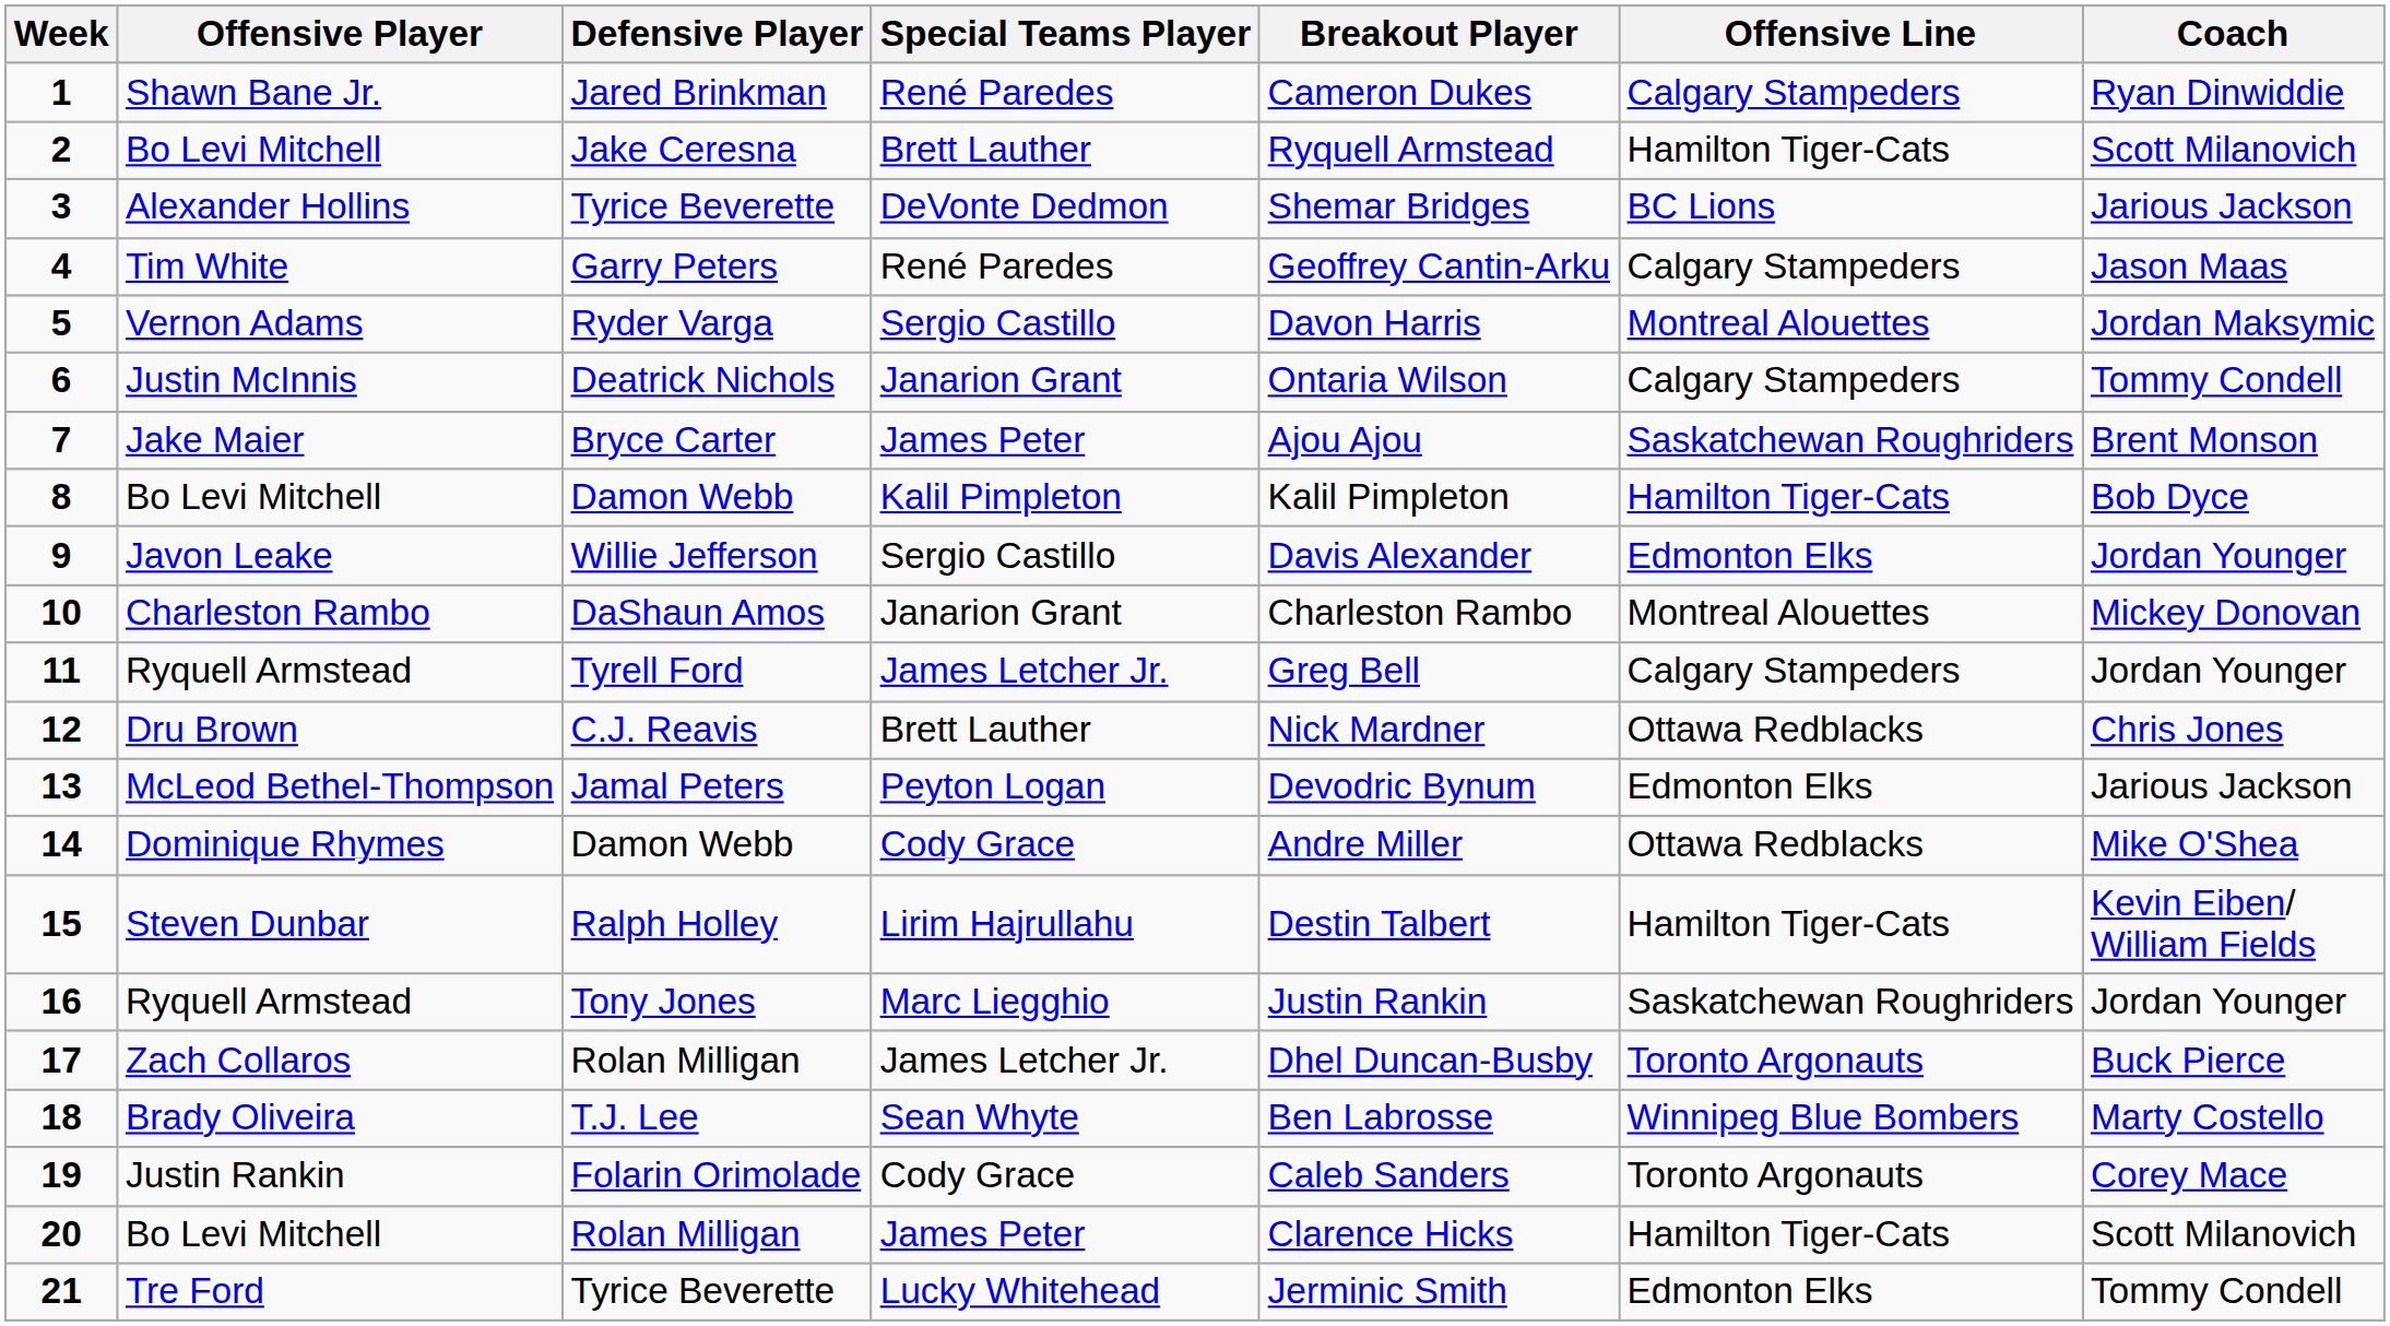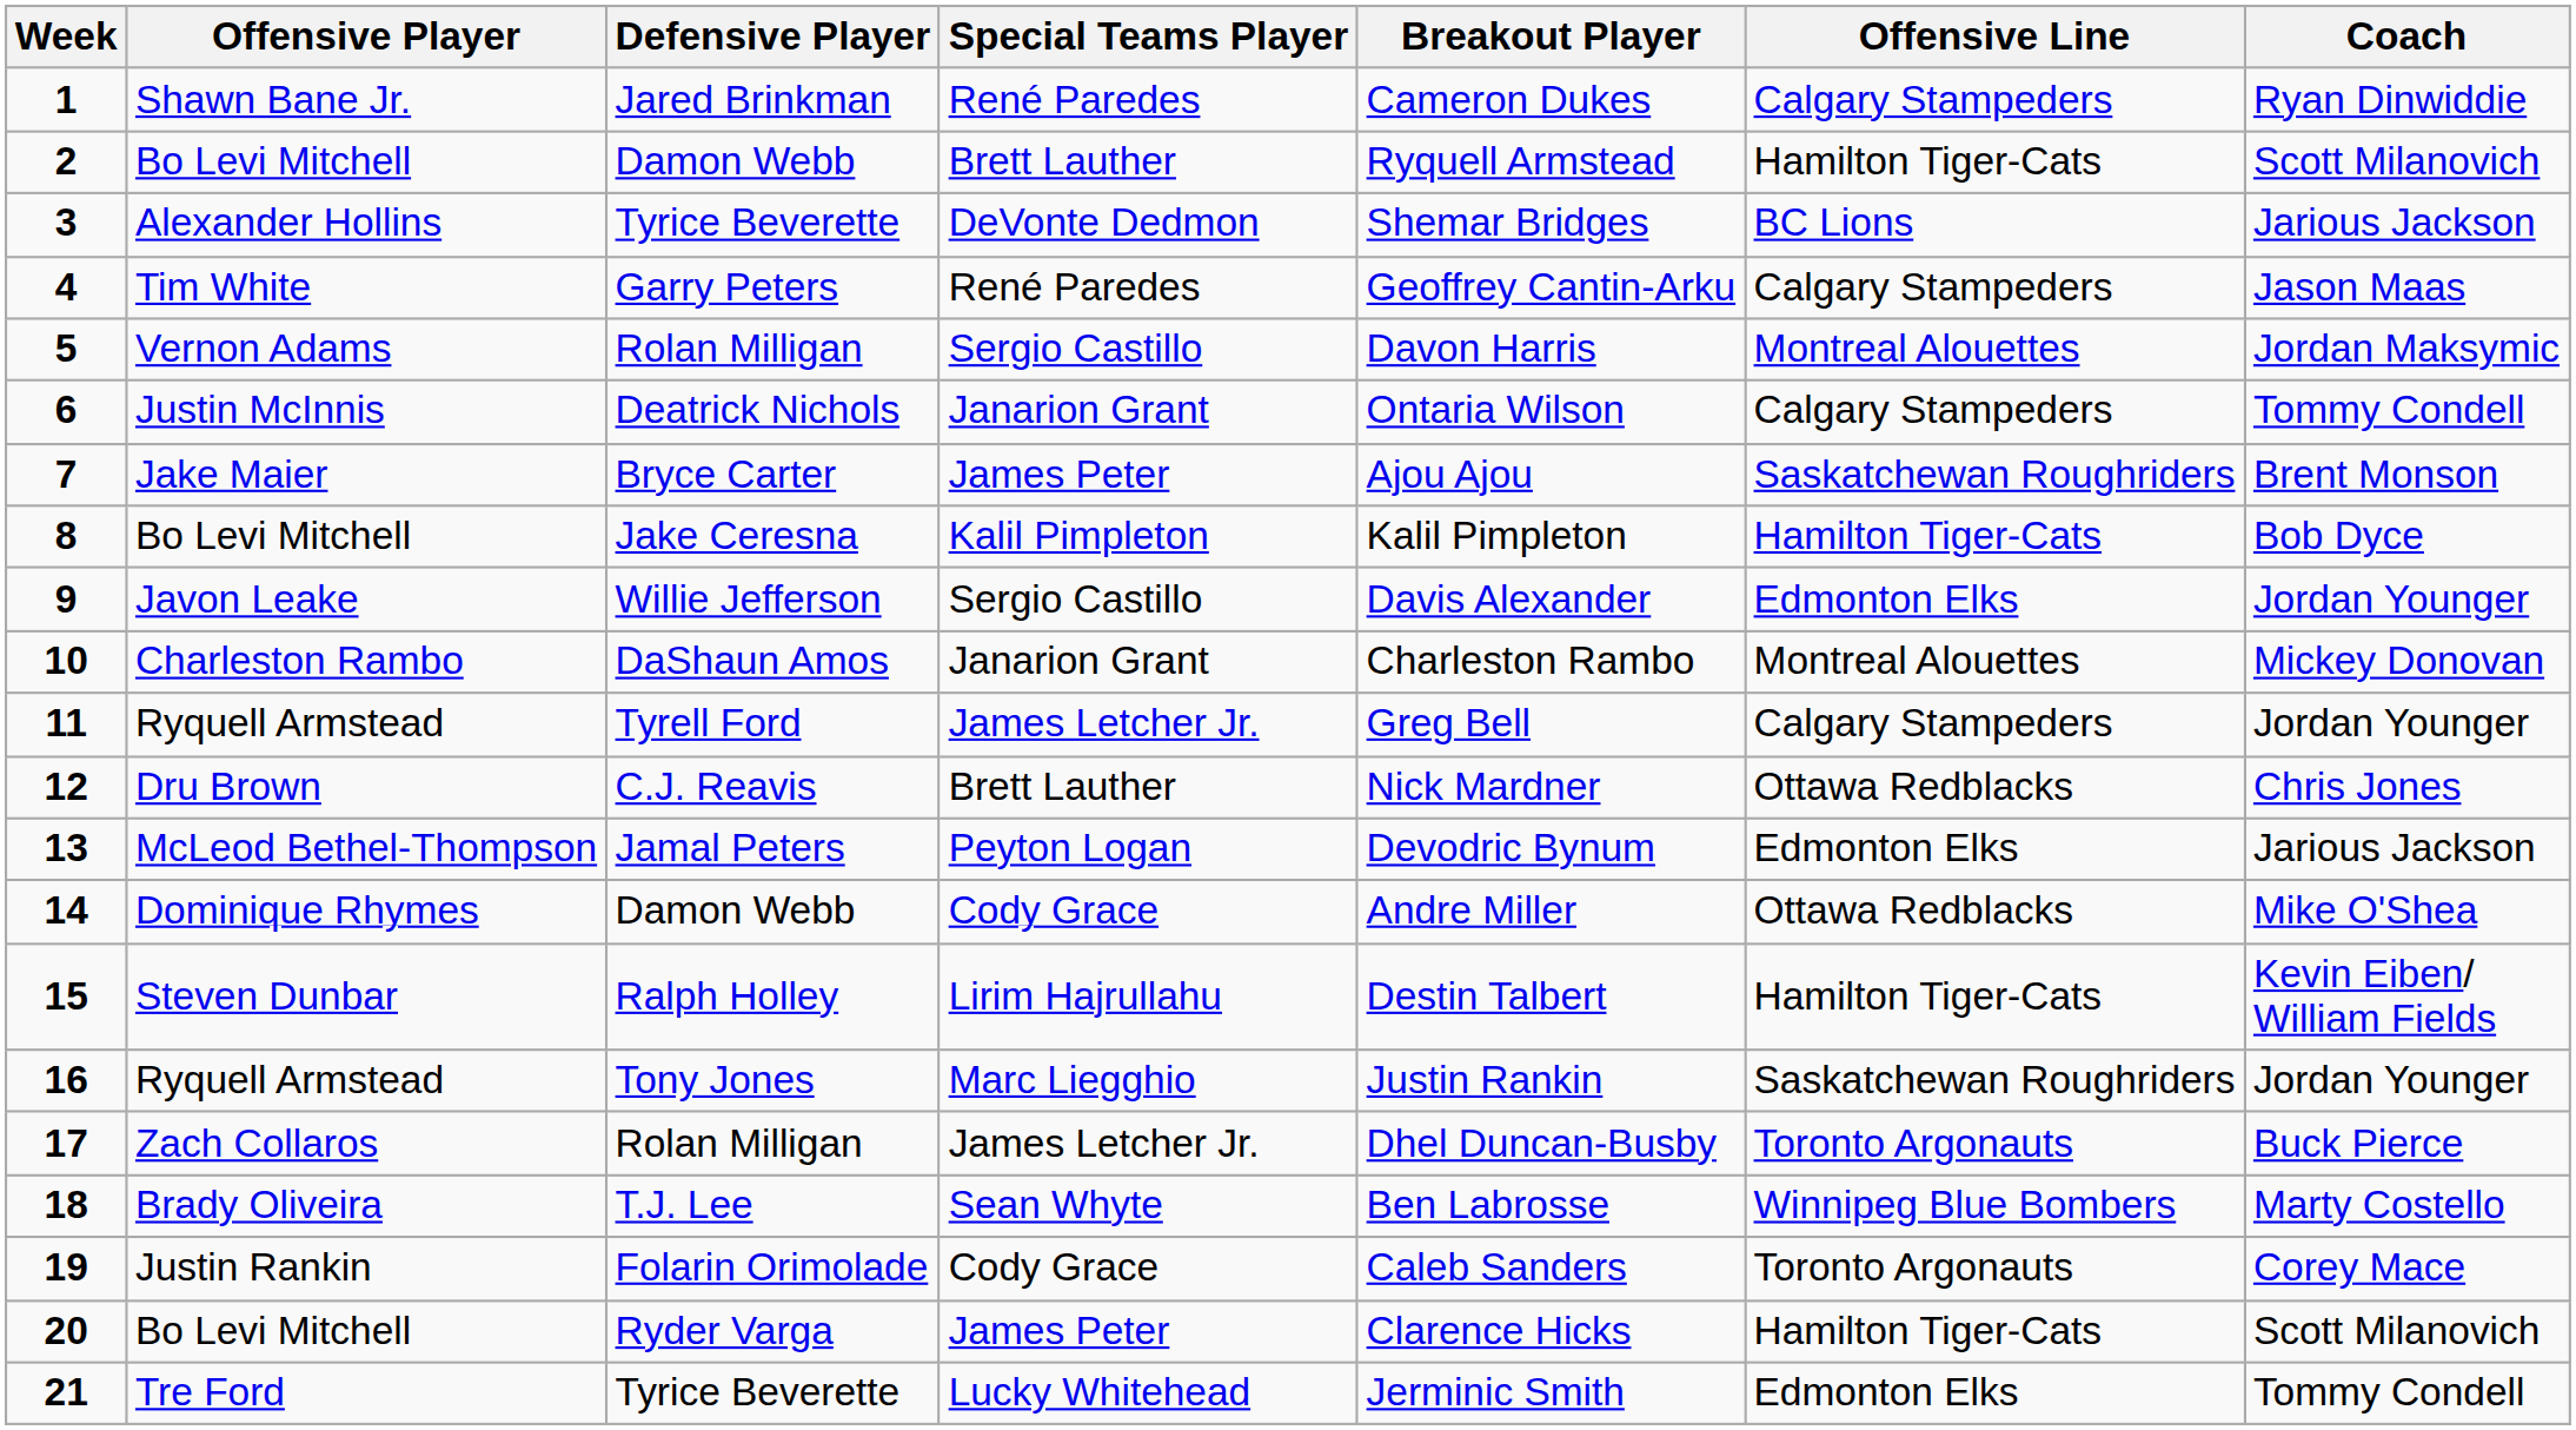 <table class="wikitable">
 <tr>
 <th>Week</th>
 <th>Offensive Player</th>
 <th>Defensive Player</th>
 <th>Special Teams Player</th>
 <th>Breakout Player</th>
 <th>Offensive Line</th>
 <th>Coach</th>
 </tr>
 <tr>
 <td style="text-align: center;"><strong>1</strong><br></td>
 <td><a href='#'>Shawn Bane Jr.</a></td>
 <td><a href='#'>Jared Brinkman</a></td>
 <td><a href='#'>René Paredes</a></td>
 <td><a href='#'>Cameron Dukes</a></td>
 <td><a href='#'>Calgary Stampeders</a></td>
 <td><a href='#'>Ryan Dinwiddie</a></td>
 </tr>
 <tr>
 <td style="text-align: center;"><strong>2</strong><br></td>
 <td><a href='#'>Bo Levi Mitchell</a></td>
-<td><a href='#'>Jake Ceresna</a></td>
+<td><a href='#'>Damon Webb</a></td>
 <td><a href='#'>Brett Lauther</a></td>
 <td><a href='#'>Ryquell Armstead</a></td>
 <td>Hamilton Tiger-Cats</td>
 <td><a href='#'>Scott Milanovich</a></td>
 </tr>
 <tr>
 <td style="text-align: center;"><strong>3</strong><br></td>
 <td><a href='#'>Alexander Hollins</a></td>
 <td><a href='#'>Tyrice Beverette</a></td>
 <td><a href='#'>DeVonte Dedmon</a></td>
 <td><a href='#'>Shemar Bridges</a></td>
 <td><a href='#'>BC Lions</a></td>
 <td><a href='#'>Jarious Jackson</a></td>
 </tr>
 <tr>
 <td style="text-align: center;"><strong>4</strong><br></td>
 <td><a href='#'>Tim White</a></td>
 <td><a href='#'>Garry Peters</a></td>
 <td>René Paredes</td>
 <td><a href='#'>Geoffrey Cantin-Arku</a></td>
 <td>Calgary Stampeders</td>
 <td><a href='#'>Jason Maas</a></td>
 </tr>
 <tr>
 <td style="text-align: center;"><strong>5</strong><br></td>
 <td><a href='#'>Vernon Adams</a></td>
-<td><a href='#'>Ryder Varga</a></td>
+<td><a href='#'>Rolan Milligan</a></td>
 <td><a href='#'>Sergio Castillo</a></td>
 <td><a href='#'>Davon Harris</a></td>
 <td><a href='#'>Montreal Alouettes</a></td>
 <td><a href='#'>Jordan Maksymic</a></td>
 </tr>
 <tr>
 <td style="text-align: center;"><strong>6</strong><br></td>
 <td><a href='#'>Justin McInnis</a></td>
 <td><a href='#'>Deatrick Nichols</a></td>
 <td><a href='#'>Janarion Grant</a></td>
 <td><a href='#'>Ontaria Wilson</a></td>
 <td>Calgary Stampeders</td>
 <td><a href='#'>Tommy Condell</a></td>
 </tr>
 <tr>
 <td style="text-align: center;"><strong>7</strong><br></td>
 <td><a href='#'>Jake Maier</a></td>
 <td><a href='#'>Bryce Carter</a></td>
 <td><a href='#'>James Peter</a></td>
 <td><a href='#'>Ajou Ajou</a></td>
 <td><a href='#'>Saskatchewan Roughriders</a></td>
 <td><a href='#'>Brent Monson</a></td>
 </tr>
 <tr>
 <td style="text-align: center;"><strong>8</strong><br></td>
 <td>Bo Levi Mitchell</td>
-<td><a href='#'>Damon Webb</a></td>
+<td><a href='#'>Jake Ceresna</a></td>
 <td><a href='#'>Kalil Pimpleton</a></td>
 <td>Kalil Pimpleton</td>
 <td><a href='#'>Hamilton Tiger-Cats</a></td>
 <td><a href='#'>Bob Dyce</a></td>
 </tr>
 <tr>
 <td style="text-align: center;"><strong>9</strong><br></td>
 <td><a href='#'>Javon Leake</a></td>
 <td><a href='#'>Willie Jefferson</a></td>
 <td>Sergio Castillo</td>
 <td><a href='#'>Davis Alexander</a></td>
 <td><a href='#'>Edmonton Elks</a></td>
 <td><a href='#'>Jordan Younger</a></td>
 </tr>
 <tr>
 <td style="text-align: center;"><strong>10</strong><br></td>
 <td><a href='#'>Charleston Rambo</a></td>
 <td><a href='#'>DaShaun Amos</a></td>
 <td>Janarion Grant</td>
 <td>Charleston Rambo</td>
 <td>Montreal Alouettes</td>
 <td><a href='#'>Mickey Donovan</a></td>
 </tr>
 <tr>
 <td style="text-align: center;"><strong>11</strong><br></td>
 <td>Ryquell Armstead</td>
 <td><a href='#'>Tyrell Ford</a></td>
 <td><a href='#'>James Letcher Jr.</a></td>
 <td><a href='#'>Greg Bell</a></td>
 <td>Calgary Stampeders</td>
 <td>Jordan Younger</td>
 </tr>
 <tr>
 <td style="text-align: center;"><strong>12</strong><br></td>
 <td><a href='#'>Dru Brown</a></td>
 <td><a href='#'>C.J. Reavis</a></td>
 <td>Brett Lauther</td>
 <td><a href='#'>Nick Mardner</a></td>
 <td>Ottawa Redblacks</td>
 <td><a href='#'>Chris Jones</a></td>
 </tr>
 <tr>
 <td style="text-align: center;"><strong>13</strong><br></td>
 <td><a href='#'>McLeod Bethel-Thompson</a></td>
 <td><a href='#'>Jamal Peters</a></td>
 <td><a href='#'>Peyton Logan</a></td>
 <td><a href='#'>Devodric Bynum</a></td>
 <td>Edmonton Elks</td>
 <td>Jarious Jackson</td>
 </tr>
 <tr>
 <td style="text-align: center;"><strong>14</strong><br></td>
 <td><a href='#'>Dominique Rhymes</a></td>
 <td>Damon Webb</td>
 <td><a href='#'>Cody Grace</a></td>
 <td><a href='#'>Andre Miller</a></td>
 <td>Ottawa Redblacks</td>
 <td><a href='#'>Mike O'Shea</a></td>
 </tr>
 <tr>
 <td style="text-align: center;"><strong>15</strong><br></td>
 <td><a href='#'>Steven Dunbar</a></td>
 <td><a href='#'>Ralph Holley</a></td>
 <td><a href='#'>Lirim Hajrullahu</a></td>
 <td><a href='#'>Destin Talbert</a></td>
 <td>Hamilton Tiger-Cats</td>
 <td><a href='#'>Kevin Eiben</a>/<br><a href='#'>William Fields</a></td>
 </tr>
 <tr>
 <td style="text-align: center;"><strong>16</strong><br></td>
 <td>Ryquell Armstead</td>
 <td><a href='#'>Tony Jones</a></td>
 <td><a href='#'>Marc Liegghio</a></td>
 <td><a href='#'>Justin Rankin</a></td>
 <td>Saskatchewan Roughriders</td>
 <td>Jordan Younger</td>
 </tr>
 <tr>
 <td style="text-align: center;"><strong>17</strong><br></td>
 <td><a href='#'>Zach Collaros</a></td>
 <td>Rolan Milligan</td>
 <td>James Letcher Jr.</td>
 <td><a href='#'>Dhel Duncan-Busby</a></td>
 <td><a href='#'>Toronto Argonauts</a></td>
 <td><a href='#'>Buck Pierce</a></td>
 </tr>
 <tr>
 <td style="text-align: center;"><strong>18</strong><br></td>
 <td><a href='#'>Brady Oliveira</a></td>
 <td><a href='#'>T.J. Lee</a></td>
 <td><a href='#'>Sean Whyte</a></td>
 <td><a href='#'>Ben Labrosse</a></td>
 <td><a href='#'>Winnipeg Blue Bombers</a></td>
 <td><a href='#'>Marty Costello</a></td>
 </tr>
 <tr>
 <td style="text-align: center;"><strong>19</strong><br></td>
 <td>Justin Rankin</td>
 <td><a href='#'>Folarin Orimolade</a></td>
 <td>Cody Grace</td>
 <td><a href='#'>Caleb Sanders</a></td>
 <td>Toronto Argonauts</td>
 <td><a href='#'>Corey Mace</a></td>
 </tr>
 <tr>
 <td style="text-align: center;"><strong>20</strong><br></td>
 <td>Bo Levi Mitchell</td>
-<td><a href='#'>Rolan Milligan</a></td>
+<td><a href='#'>Ryder Varga</a></td>
 <td><a href='#'>James Peter</a></td>
 <td><a href='#'>Clarence Hicks</a></td>
 <td>Hamilton Tiger-Cats</td>
 <td>Scott Milanovich</td>
 </tr>
 <tr>
 <td style="text-align: center;"><strong>21</strong><br></td>
 <td><a href='#'>Tre Ford</a></td>
 <td>Tyrice Beverette</td>
 <td><a href='#'>Lucky Whitehead</a></td>
 <td><a href='#'>Jerminic Smith</a></td>
 <td>Edmonton Elks</td>
 <td>Tommy Condell</td>
 </tr>
 </table>
